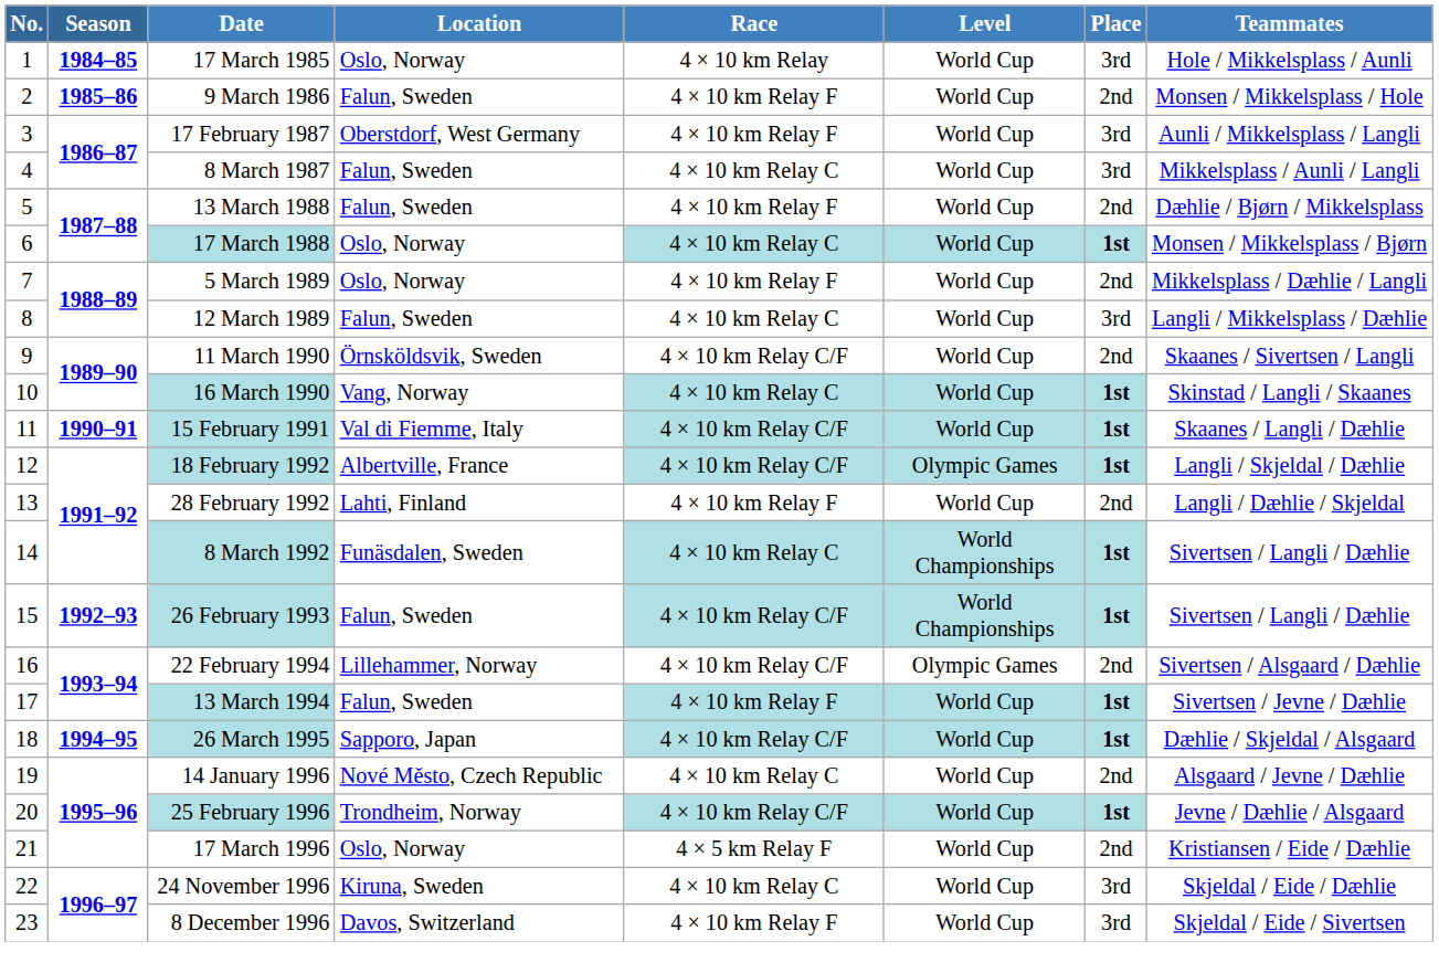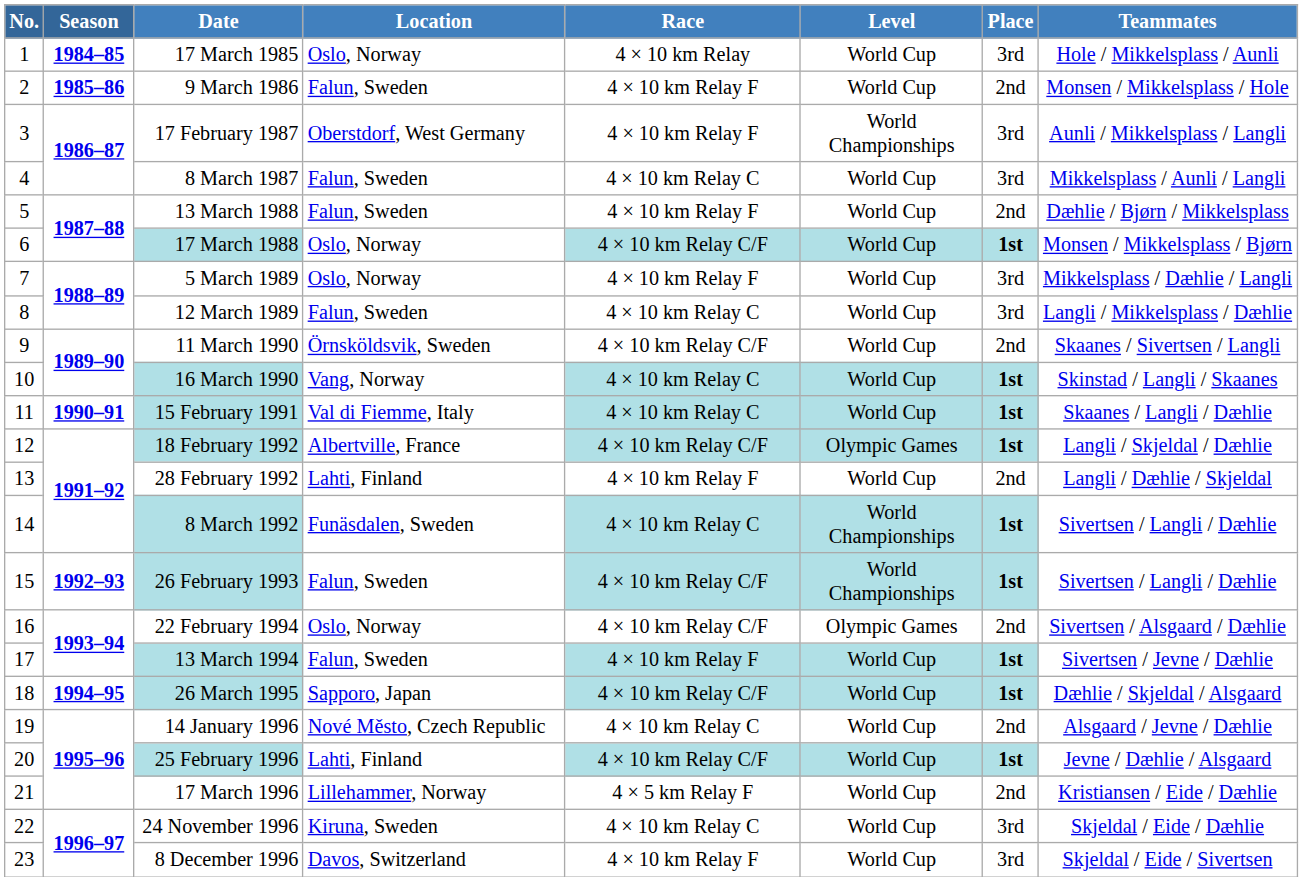 <table class="wikitable sortable" style="font-size:95%; text-align:center; border:grey solid 1px; border-collapse:collapse; background:#ffffff;">
 <tr style="background:#efefef;">
 <th style="background-color:#369; color:white;">No.</th>
 <th style="background-color:#369; color:white;">Season</th>
 <th style="background-color:#4180be; color:white; width:120px;">Date</th>
 <th style="background-color:#4180be; color:white; width:190px;">Location</th>
 <th style="background-color:#4180be; color:white; width:170px;">Race</th>
 <th style="background-color:#4180be; color:white; width:130px;">Level</th>
 <th style="background-color:#4180be; color:white;">Place</th>
 <th style="background-color:#4180be; color:white;">Teammates</th>
 </tr>
 <tr>
 <td align=center>1</td>
 <td rowspan=1 align=center><strong> <a href='#'>1984–85</a> </strong></td>
 <td align=right>17 March 1985</td>
 <td align=left> <a href='#'>Oslo</a>, Norway</td>
 <td>4 × 10 km Relay</td>
 <td>World Cup</td>
 <td>3rd</td>
 <td><a href='#'>Hole</a> / <a href='#'>Mikkelsplass</a> / <a href='#'>Aunli</a></td>
 </tr>
 <tr>
 <td align=center>2</td>
 <td rowspan=1 align=center><strong> <a href='#'>1985–86</a> </strong></td>
 <td align=right>9 March 1986</td>
 <td align=left> <a href='#'>Falun</a>, Sweden</td>
 <td>4 × 10 km Relay F</td>
 <td>World Cup</td>
 <td>2nd</td>
 <td><a href='#'>Monsen</a> / <a href='#'>Mikkelsplass</a> / <a href='#'>Hole</a></td>
 </tr>
 <tr>
 <td align=center>3</td>
 <td rowspan=2 align=center><strong> <a href='#'>1986–87</a> </strong></td>
 <td align=right>17 February 1987</td>
 <td align=left> <a href='#'>Oberstdorf</a>, West Germany</td>
 <td>4 × 10 km Relay F</td>
-<td>World Cup</td>
+<td>World Championships</td>
 <td>3rd</td>
 <td><a href='#'>Aunli</a> / <a href='#'>Mikkelsplass</a> / <a href='#'>Langli</a></td>
 </tr>
 <tr>
 <td align=center>4</td>
 <td align=right>8 March 1987</td>
 <td align=left> <a href='#'>Falun</a>, Sweden</td>
 <td>4 × 10 km Relay C</td>
 <td>World Cup</td>
 <td>3rd</td>
 <td><a href='#'>Mikkelsplass</a> / <a href='#'>Aunli</a> / <a href='#'>Langli</a></td>
 </tr>
 <tr>
 <td align=center>5</td>
 <td rowspan=2 align=center><strong> <a href='#'>1987–88</a> </strong></td>
 <td align=right>13 March 1988</td>
 <td align=left> <a href='#'>Falun</a>, Sweden</td>
 <td>4 × 10 km Relay F</td>
 <td>World Cup</td>
 <td>2nd</td>
 <td><a href='#'>Dæhlie</a> / <a href='#'>Bjørn</a> / <a href='#'>Mikkelsplass</a></td>
 </tr>
 <tr>
 <td align=center>6</td>
 <td bgcolor="#BOEOE6" align=right>17 March 1988</td>
 <td align=left> <a href='#'>Oslo</a>, Norway</td>
-<td bgcolor="#BOEOE6">4 × 10 km Relay C</td>
+<td bgcolor="#BOEOE6">4 × 10 km Relay C/F</td>
 <td bgcolor="#BOEOE6">World Cup</td>
 <td bgcolor="#BOEOE6"><strong>1st</strong></td>
 <td><a href='#'>Monsen</a> / <a href='#'>Mikkelsplass</a> / <a href='#'>Bjørn</a></td>
 </tr>
 <tr>
 <td align=center>7</td>
 <td rowspan=2 align=center><strong> <a href='#'>1988–89</a> </strong></td>
 <td align=right>5 March 1989</td>
 <td align=left> <a href='#'>Oslo</a>, Norway</td>
 <td>4 × 10 km Relay F</td>
 <td>World Cup</td>
-<td>2nd</td>
+<td>3rd</td>
 <td><a href='#'>Mikkelsplass</a> / <a href='#'>Dæhlie</a> / <a href='#'>Langli</a></td>
 </tr>
 <tr>
 <td align=center>8</td>
 <td align=right>12 March 1989</td>
 <td align=left> <a href='#'>Falun</a>, Sweden</td>
 <td>4 × 10 km Relay C</td>
 <td>World Cup</td>
 <td>3rd</td>
 <td><a href='#'>Langli</a> / <a href='#'>Mikkelsplass</a> / <a href='#'>Dæhlie</a></td>
 </tr>
 <tr>
 <td align=center>9</td>
 <td rowspan=2 align=center><strong> <a href='#'>1989–90</a> </strong></td>
 <td align=right>11 March 1990</td>
 <td align=left> <a href='#'>Örnsköldsvik</a>, Sweden</td>
 <td>4 × 10 km Relay C/F</td>
 <td>World Cup</td>
 <td>2nd</td>
 <td><a href='#'>Skaanes</a> / <a href='#'>Sivertsen</a> / <a href='#'>Langli</a></td>
 </tr>
 <tr>
 <td align=center>10</td>
 <td bgcolor="#BOEOE6" align=right>16 March 1990</td>
 <td align=left> <a href='#'>Vang</a>, Norway</td>
 <td bgcolor="#BOEOE6">4 × 10 km Relay C</td>
 <td bgcolor="#BOEOE6">World Cup</td>
 <td bgcolor="#BOEOE6"><strong>1st</strong></td>
 <td><a href='#'>Skinstad</a> / <a href='#'>Langli</a> / <a href='#'>Skaanes</a></td>
 </tr>
 <tr>
 <td align=center>11</td>
 <td rowspan=1 align=center><strong><a href='#'>1990–91</a></strong></td>
 <td bgcolor="#BOEOE6" align=right>15 February 1991</td>
 <td align=left> <a href='#'>Val di Fiemme</a>, Italy</td>
-<td bgcolor="#BOEOE6">4 × 10 km Relay C/F</td>
+<td bgcolor="#BOEOE6">4 × 10 km Relay C</td>
 <td bgcolor="#BOEOE6">World Cup</td>
 <td bgcolor="#BOEOE6"><strong>1st</strong></td>
 <td><a href='#'>Skaanes</a> / <a href='#'>Langli</a> / <a href='#'>Dæhlie</a></td>
 </tr>
 <tr>
 <td align=center>12</td>
 <td rowspan=3 align=center><strong><a href='#'>1991–92</a></strong></td>
 <td bgcolor="#BOEOE6" align=right>18 February 1992</td>
 <td align=left> <a href='#'>Albertville</a>, France</td>
 <td bgcolor="#BOEOE6">4 × 10 km Relay C/F</td>
 <td bgcolor="#BOEOE6">Olympic Games</td>
 <td bgcolor="#BOEOE6"><strong>1st</strong></td>
 <td><a href='#'>Langli</a> / <a href='#'>Skjeldal</a> / <a href='#'>Dæhlie</a></td>
 </tr>
 <tr>
 <td align=center>13</td>
 <td align=right>28 February 1992</td>
 <td align=left> <a href='#'>Lahti</a>, Finland</td>
 <td>4 × 10 km Relay F</td>
 <td>World Cup</td>
 <td>2nd</td>
 <td><a href='#'>Langli</a> / <a href='#'>Dæhlie</a> / <a href='#'>Skjeldal</a></td>
 </tr>
 <tr>
 <td align=center>14</td>
 <td bgcolor="#BOEOE6" align=right>8 March 1992</td>
 <td align=left> <a href='#'>Funäsdalen</a>, Sweden</td>
 <td bgcolor="#BOEOE6">4 × 10 km Relay C</td>
 <td bgcolor="#BOEOE6">World Championships</td>
 <td bgcolor="#BOEOE6"><strong>1st</strong></td>
 <td><a href='#'>Sivertsen</a> / <a href='#'>Langli</a> / <a href='#'>Dæhlie</a></td>
 </tr>
 <tr>
 <td align=center>15</td>
 <td rowspan=1 align=center><strong><a href='#'>1992–93</a></strong></td>
 <td bgcolor="#BOEOE6" align=right>26 February 1993</td>
 <td align=left> <a href='#'>Falun</a>, Sweden</td>
 <td bgcolor="#BOEOE6">4 × 10 km Relay C/F</td>
 <td bgcolor="#BOEOE6">World Championships</td>
 <td bgcolor="#BOEOE6"><strong>1st</strong></td>
 <td><a href='#'>Sivertsen</a> / <a href='#'>Langli</a> / <a href='#'>Dæhlie</a></td>
 </tr>
 <tr>
 <td align=center>16</td>
 <td rowspan=2 align=center><strong> <a href='#'>1993–94</a> </strong></td>
 <td align=right>22 February 1994</td>
-<td align=left> <a href='#'>Lillehammer</a>, Norway</td>
+<td align=left> <a href='#'>Oslo</a>, Norway</td>
 <td>4 × 10 km Relay C/F</td>
 <td>Olympic Games</td>
 <td>2nd</td>
 <td><a href='#'>Sivertsen</a> / <a href='#'>Alsgaard</a> / <a href='#'>Dæhlie</a></td>
 </tr>
 <tr>
 <td align=center>17</td>
 <td bgcolor="#BOEOE6" align=right>13 March 1994</td>
 <td align=left> <a href='#'>Falun</a>, Sweden</td>
 <td bgcolor="#BOEOE6">4 × 10 km Relay F</td>
 <td bgcolor="#BOEOE6">World Cup</td>
 <td bgcolor="#BOEOE6"><strong>1st</strong></td>
 <td><a href='#'>Sivertsen</a> / <a href='#'>Jevne</a> / <a href='#'>Dæhlie</a></td>
 </tr>
 <tr>
 <td align=center>18</td>
 <td rowspan=1 align=center><strong><a href='#'>1994–95</a></strong></td>
 <td bgcolor="#BOEOE6" align=right>26 March 1995</td>
 <td align=left> <a href='#'>Sapporo</a>, Japan</td>
 <td bgcolor="#BOEOE6">4 × 10 km Relay C/F</td>
 <td bgcolor="#BOEOE6">World Cup</td>
 <td bgcolor="#BOEOE6"><strong>1st</strong></td>
 <td><a href='#'>Dæhlie</a> / <a href='#'>Skjeldal</a> / <a href='#'>Alsgaard</a></td>
 </tr>
 <tr>
 <td align=center>19</td>
 <td rowspan=3 align=center><strong> <a href='#'>1995–96</a> </strong></td>
 <td align=right>14 January 1996</td>
 <td align=left> <a href='#'>Nové Město</a>, Czech Republic</td>
 <td>4 × 10 km Relay C</td>
 <td>World Cup</td>
 <td>2nd</td>
 <td><a href='#'>Alsgaard</a> / <a href='#'>Jevne</a> / <a href='#'>Dæhlie</a></td>
 </tr>
 <tr>
 <td align=center>20</td>
 <td bgcolor="#BOEOE6" align=right>25 February 1996</td>
-<td align=left> <a href='#'>Trondheim</a>, Norway</td>
+<td align=left> <a href='#'>Lahti</a>, Finland</td>
 <td bgcolor="#BOEOE6">4 × 10 km Relay C/F</td>
 <td bgcolor="#BOEOE6">World Cup</td>
 <td bgcolor="#BOEOE6"><strong>1st</strong></td>
 <td><a href='#'>Jevne</a> / <a href='#'>Dæhlie</a> / <a href='#'>Alsgaard</a></td>
 </tr>
 <tr>
 <td align=center>21</td>
 <td align=right>17 March 1996</td>
-<td align=left> <a href='#'>Oslo</a>, Norway</td>
+<td align=left> <a href='#'>Lillehammer</a>, Norway</td>
 <td>4 × 5 km Relay F</td>
 <td>World Cup</td>
 <td>2nd</td>
 <td><a href='#'>Kristiansen</a> / <a href='#'>Eide</a> / <a href='#'>Dæhlie</a></td>
 </tr>
 <tr>
 <td align=center>22</td>
 <td rowspan=2 align=center><strong> <a href='#'>1996–97</a> </strong></td>
 <td align=right>24 November 1996</td>
 <td align=left> <a href='#'>Kiruna</a>, Sweden</td>
 <td>4 × 10 km Relay C</td>
 <td>World Cup</td>
 <td>3rd</td>
 <td><a href='#'>Skjeldal</a> / <a href='#'>Eide</a> / <a href='#'>Dæhlie</a></td>
 </tr>
 <tr>
 <td align=center>23</td>
 <td align=right>8 December 1996</td>
 <td align=left> <a href='#'>Davos</a>, Switzerland</td>
 <td>4 × 10 km Relay F</td>
 <td>World Cup</td>
 <td>3rd</td>
 <td><a href='#'>Skjeldal</a> / <a href='#'>Eide</a> / <a href='#'>Sivertsen</a></td>
 </tr>
 </table>
